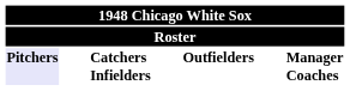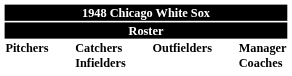 <table class="toccolours" style="font-size: 95%;">
 <tr>
 <th colspan="10" style="background-color: black; color: white; text-align: center;">1948 Chicago White Sox</th>
 </tr>
 <tr>
 <td colspan="10" style="background-color: black; color: white; text-align: center;"><strong>Roster</strong></td>
 </tr>
 <tr>
-<td valign="top" style="background: lavender;"><strong>Pitchers</strong><br>               </td>
+<td valign="top"><strong>Pitchers</strong><br>               </td>
 <td width="25px"></td>
 <td valign="top"><strong>Catchers</strong><br>   <strong>Infielders</strong>       </td>
 <td width="25px"></td>
 <td valign="top"><strong>Outfielders</strong><br>       </td>
 <td width="25px"></td>
 <td valign="top"><strong>Manager</strong><br> <strong>Coaches</strong>   </td>
 </tr>
 </table>
